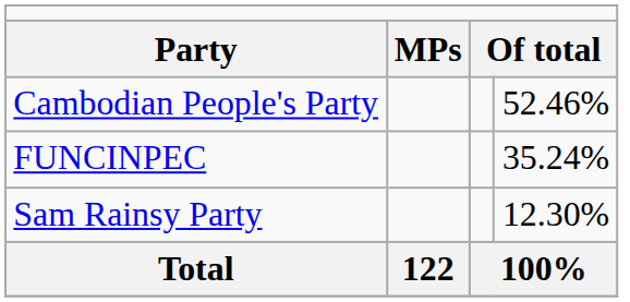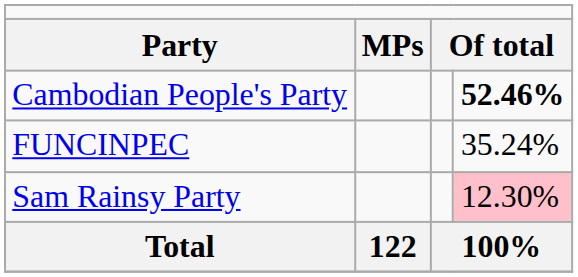 <table class=wikitable>
 <tr>
 <td colspan=9></td>
 </tr>
 <tr>
 <th>Party</th>
 <th>MPs</th>
 <th colspan=2>Of total</th>
 </tr>
 <tr>
 <td><a href='#'>Cambodian People's Party</a></td>
 <td></td>
 <td><div><div>  </div></div></td>
-<td>52.46%</td>
+<td><strong>52.46%</strong></td>
 </tr>
 <tr>
 <td><a href='#'>FUNCINPEC</a></td>
 <td></td>
 <td><div><div>  </div></div></td>
 <td>35.24%</td>
 </tr>
 <tr>
 <td><a href='#'>Sam Rainsy Party</a></td>
 <td></td>
 <td><div><div>  </div></div></td>
-<td>12.30%</td>
+<td style="background: pink;">12.30%</td>
 </tr>
 <tr>
 <th colspan="1"><strong>Total</strong></th>
 <th colspan="1"><strong>122</strong></th>
 <th colspan="2"><strong>100%</strong></th>
 </tr>
 <tr>
 </tr>
 </table>
